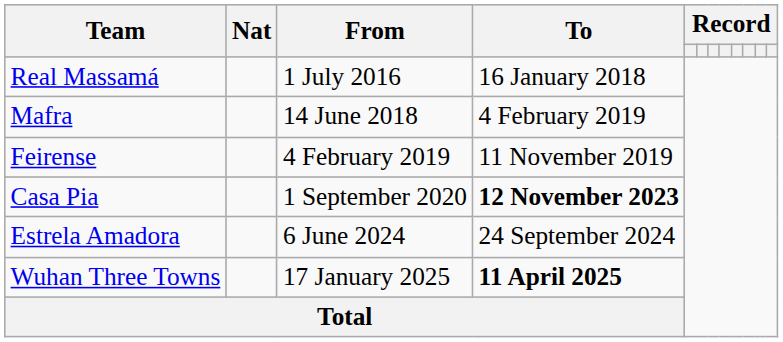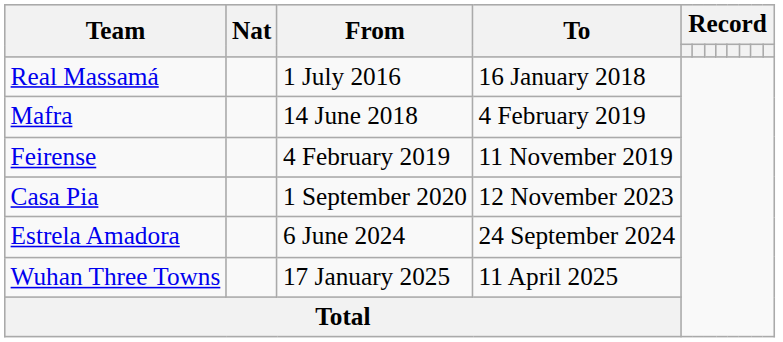 <table class="wikitable" style="text-align: center">
 <tr>
 <th rowspan="2">Team</th>
 <th rowspan="2">Nat</th>
 <th rowspan="2">From</th>
 <th rowspan="2">To</th>
 <th colspan="8">Record</th>
 </tr>
 <tr>
 <th></th>
 <th></th>
 <th></th>
 <th></th>
 <th></th>
 <th></th>
 <th></th>
 <th></th>
 </tr>
 <tr>
 <td align=left><a href='#'>Real Massamá</a></td>
 <td></td>
 <td align=left>1 July 2016</td>
 <td align=left>16 January 2018<br></td>
 </tr>
 <tr>
 <td align=left><a href='#'>Mafra</a></td>
 <td></td>
 <td align=left>14 June 2018</td>
 <td align=left>4 February 2019<br></td>
 </tr>
 <tr>
 <td align=left><a href='#'>Feirense</a></td>
 <td></td>
 <td align=left>4 February 2019</td>
 <td align=left>11 November 2019<br></td>
 </tr>
 <tr>
 <td align=left><a href='#'>Casa Pia</a></td>
 <td></td>
 <td align=left>1 September 2020</td>
-<td align=left><strong>12 November 2023<br></strong></td>
+<td align=left>12 November 2023<br></td>
 </tr>
 <tr>
 <td align=left><a href='#'>Estrela Amadora</a></td>
 <td></td>
 <td align=left>6 June 2024</td>
 <td align=left>24 September 2024<br></td>
 </tr>
 <tr>
 <td align=left><a href='#'>Wuhan Three Towns</a></td>
 <td></td>
 <td align=left>17 January 2025</td>
-<td align=left><strong>11 April 2025<br></strong></td>
+<td align=left>11 April 2025<br></td>
 </tr>
 <tr>
 <th colspan="4">Total<br></th>
 </tr>
 </table>
